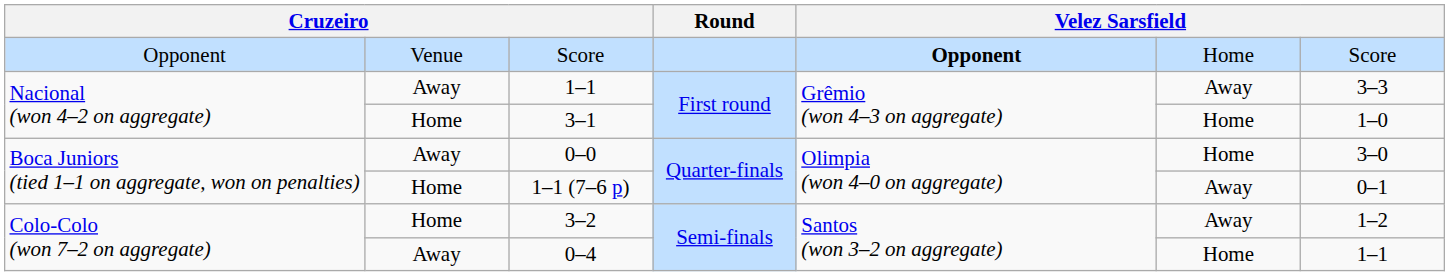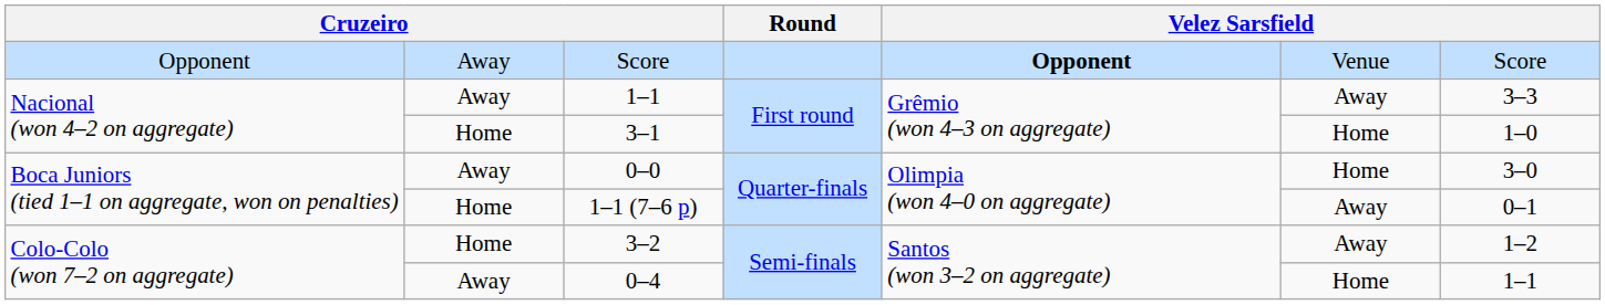 <table class="wikitable" style="text-align: center;">
 <tr>
 <th colspan=3> <a href='#'>Cruzeiro</a></th>
 <th>Round</th>
 <th colspan=3> <a href='#'>Velez Sarsfield</a></th>
 </tr>
 <tr bgcolor=#c1e0ff>
 <td width=25%>Opponent</td>
-<td width=10%>Venue</td>
+<td>Away</td>
 <td width=10%>Score</td>
 <td width=10%></td>
 <td width=25%><strong>Opponent</strong></td>
-<td>Home</td>
+<td width=10%>Venue</td>
 <td width=10%>Score</td>
 </tr>
 <tr>
 <td rowspan=2 align=left> <a href='#'>Nacional</a><br><em>(won 4–2 on aggregate)</em></td>
 <td>Away</td>
 <td>1–1</td>
 <td rowspan=2 bgcolor=#c1e0ff><a href='#'>First round</a></td>
 <td rowspan=2 align=left> <a href='#'>Grêmio</a><br><em>(won 4–3 on aggregate)</em></td>
 <td>Away</td>
 <td>3–3</td>
 </tr>
 <tr>
 <td>Home</td>
 <td>3–1</td>
 <td>Home</td>
 <td>1–0</td>
 </tr>
 <tr>
 <td rowspan=2 align=left> <a href='#'>Boca Juniors</a><br><em>(tied 1–1 on aggregate, won on penalties)</em></td>
 <td>Away</td>
 <td>0–0</td>
 <td rowspan=2 bgcolor=#c1e0ff><a href='#'>Quarter-finals</a></td>
 <td rowspan=2 align=left> <a href='#'>Olimpia</a><br><em>(won 4–0 on aggregate)</em></td>
 <td>Home</td>
 <td>3–0</td>
 </tr>
 <tr>
 <td>Home</td>
 <td>1–1 (7–6 <a href='#'>p</a>)</td>
 <td>Away</td>
 <td>0–1</td>
 </tr>
 <tr>
 <td rowspan=2 align=left> <a href='#'>Colo-Colo</a><br><em>(won 7–2 on aggregate)</em></td>
 <td>Home</td>
 <td>3–2</td>
 <td rowspan=2 bgcolor=#c1e0ff><a href='#'>Semi-finals</a></td>
 <td rowspan=2 align=left> <a href='#'>Santos</a><br><em>(won 3–2 on aggregate)</em></td>
 <td>Away</td>
 <td>1–2</td>
 </tr>
 <tr>
 <td>Away</td>
 <td>0–4</td>
 <td>Home</td>
 <td>1–1</td>
 </tr>
 </table>
